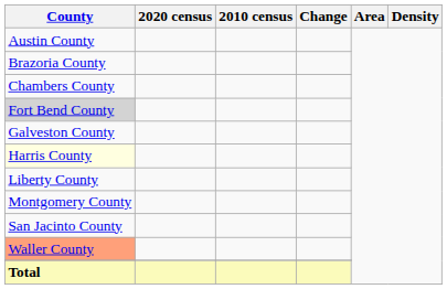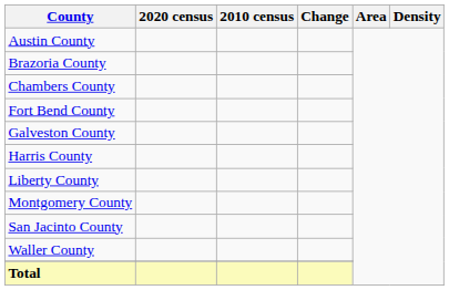 <table class="wikitable sortable">
 <tr>
 <th><a href='#'>County</a></th>
 <th>2020 census</th>
 <th>2010 census</th>
 <th>Change</th>
 <th>Area</th>
 <th>Density</th>
 </tr>
 <tr>
 <td><a href='#'>Austin County</a></td>
 <td></td>
 <td></td>
 <td></td>
 </tr>
 <tr>
 <td><a href='#'>Brazoria County</a></td>
 <td></td>
 <td></td>
 <td></td>
 </tr>
 <tr>
 <td><a href='#'>Chambers County</a></td>
 <td></td>
 <td></td>
 <td></td>
 </tr>
 <tr>
-<td style="background: lightgrey;"><a href='#'>Fort Bend County</a></td>
+<td><a href='#'>Fort Bend County</a></td>
 <td></td>
 <td></td>
 <td></td>
 </tr>
 <tr>
 <td><a href='#'>Galveston County</a></td>
 <td></td>
 <td></td>
 <td></td>
 </tr>
 <tr>
-<td style="background: lightyellow;"><a href='#'>Harris County</a></td>
+<td><a href='#'>Harris County</a></td>
 <td></td>
 <td></td>
 <td></td>
 </tr>
 <tr>
 <td><a href='#'>Liberty County</a></td>
 <td></td>
 <td></td>
 <td></td>
 </tr>
 <tr>
 <td><a href='#'>Montgomery County</a></td>
 <td></td>
 <td></td>
 <td></td>
 </tr>
 <tr>
 <td><a href='#'>San Jacinto County</a></td>
 <td></td>
 <td></td>
 <td></td>
 </tr>
 <tr>
-<td style="background: lightsalmon;"><a href='#'>Waller County</a></td>
+<td><a href='#'>Waller County</a></td>
 <td></td>
 <td></td>
 <td></td>
 </tr>
 <tr>
 </tr>
 <tr class=sortbottom style="background:#fbfbbb">
 <td><strong>Total</strong></td>
 <td></td>
 <td></td>
 <td></td>
 </tr>
 </table>
